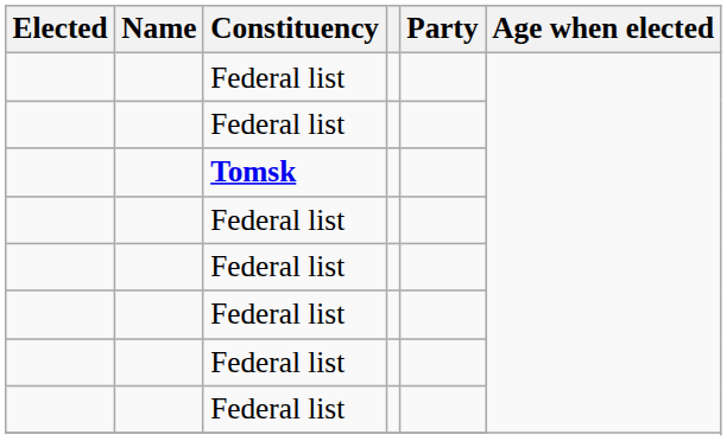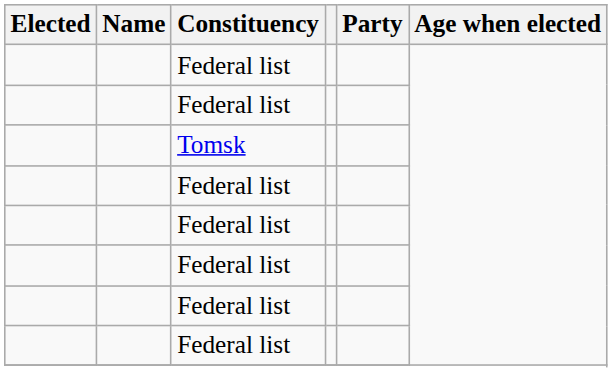 <table class="sortable wikitable">
 <tr>
 <th>Elected</th>
 <th>Name</th>
 <th>Constituency</th>
 <th class="unsortable"></th>
 <th>Party</th>
 <th>Age when elected</th>
 </tr>
 <tr>
 <td></td>
 <td></td>
 <td>Federal list</td>
 <td></td>
 <td></td>
 </tr>
 <tr>
 <td></td>
 <td></td>
 <td>Federal list</td>
 <td></td>
 <td></td>
 </tr>
 <tr>
 <td></td>
 <td></td>
-<td><strong><a href='#'>Tomsk</a></strong></td>
+<td><a href='#'>Tomsk</a></td>
 <td></td>
 <td></td>
 </tr>
 <tr>
 <td></td>
 <td></td>
 <td>Federal list</td>
 <td></td>
 <td></td>
 </tr>
 <tr>
 <td></td>
 <td></td>
 <td>Federal list</td>
 <td></td>
 <td></td>
 </tr>
 <tr>
 <td></td>
 <td></td>
 <td>Federal list</td>
 <td></td>
 <td></td>
 </tr>
 <tr>
 <td></td>
 <td></td>
 <td>Federal list</td>
 <td></td>
 <td></td>
 </tr>
 <tr>
 <td></td>
 <td></td>
 <td>Federal list</td>
 <td></td>
 <td></td>
 </tr>
 <tr>
 </tr>
 </table>
